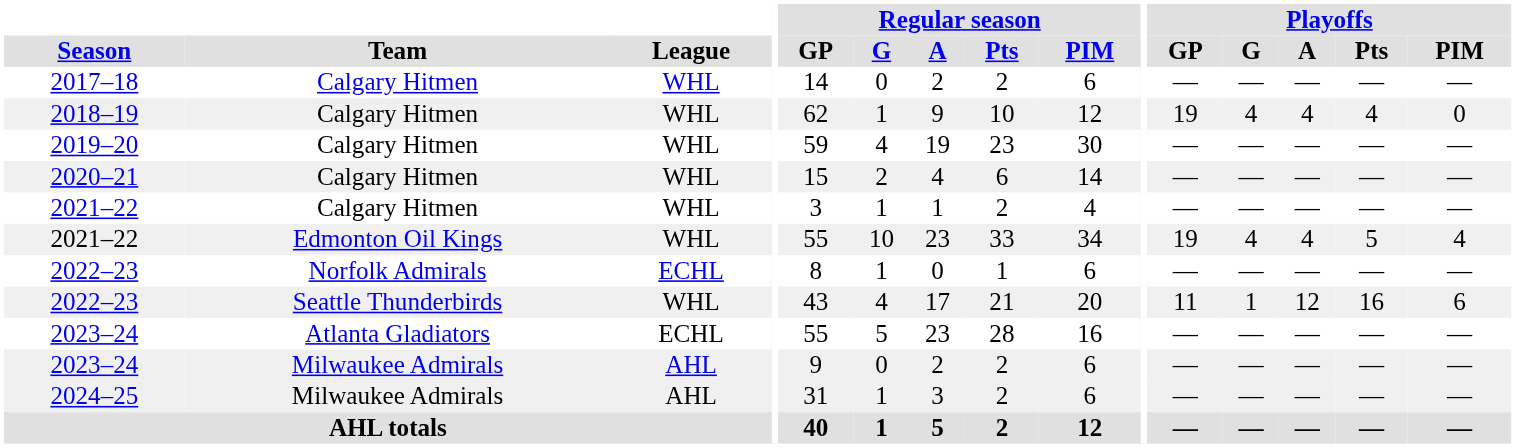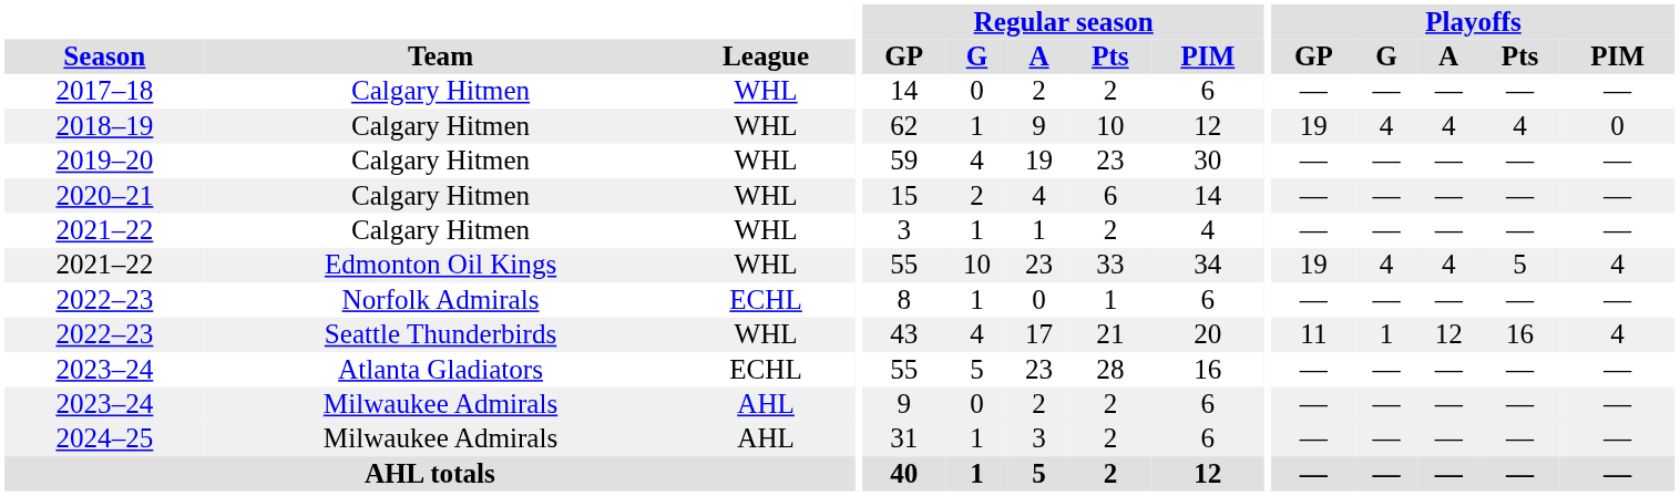 <table border="0" cellpadding="1" cellspacing="0" style="text-align:center; width:60em">
 <tr style="background:#e0e0e0;">
 <th colspan="3" style="background:#fff;"></th>
 <th rowspan="99" style="background:#fff;"></th>
 <th colspan="5"><a href='#'>Regular season</a></th>
 <th rowspan="99" style="background:#fff;"></th>
 <th colspan="5"><a href='#'>Playoffs</a></th>
 </tr>
 <tr style="background:#e0e0e0;">
 <th><a href='#'>Season</a></th>
 <th>Team</th>
 <th>League</th>
 <th>GP</th>
 <th><a href='#'>G</a></th>
 <th><a href='#'>A</a></th>
 <th><a href='#'>Pts</a></th>
 <th><a href='#'>PIM</a></th>
 <th>GP</th>
 <th>G</th>
 <th>A</th>
 <th>Pts</th>
 <th>PIM</th>
 </tr>
 <tr style="text-align:center;">
 <td><a href='#'>2017–18</a></td>
 <td><a href='#'>Calgary Hitmen</a></td>
 <td><a href='#'>WHL</a></td>
 <td>14</td>
 <td>0</td>
 <td>2</td>
 <td>2</td>
 <td>6</td>
 <td>—</td>
 <td>—</td>
 <td>—</td>
 <td>—</td>
 <td>—</td>
 </tr>
 <tr style="text-align:center; background:#f0f0f0;">
 <td><a href='#'>2018–19</a></td>
 <td>Calgary Hitmen</td>
 <td>WHL</td>
 <td>62</td>
 <td>1</td>
 <td>9</td>
 <td>10</td>
 <td>12</td>
 <td>19</td>
 <td>4</td>
 <td>4</td>
 <td>4</td>
 <td>0</td>
 </tr>
 <tr style="text-align:center;">
 <td><a href='#'>2019–20</a></td>
 <td>Calgary Hitmen</td>
 <td>WHL</td>
 <td>59</td>
 <td>4</td>
 <td>19</td>
 <td>23</td>
 <td>30</td>
 <td>—</td>
 <td>—</td>
 <td>—</td>
 <td>—</td>
 <td>—</td>
 </tr>
 <tr style="text-align:center; background:#f0f0f0;">
 <td><a href='#'>2020–21</a></td>
 <td>Calgary Hitmen</td>
 <td>WHL</td>
 <td>15</td>
 <td>2</td>
 <td>4</td>
 <td>6</td>
 <td>14</td>
 <td>—</td>
 <td>—</td>
 <td>—</td>
 <td>—</td>
 <td>—</td>
 </tr>
 <tr style="text-align:center;">
 <td><a href='#'>2021–22</a></td>
 <td>Calgary Hitmen</td>
 <td>WHL</td>
 <td>3</td>
 <td>1</td>
 <td>1</td>
 <td>2</td>
 <td>4</td>
 <td>—</td>
 <td>—</td>
 <td>—</td>
 <td>—</td>
 <td>—</td>
 </tr>
 <tr style="text-align:center; background:#f0f0f0;">
 <td>2021–22</td>
 <td><a href='#'>Edmonton Oil Kings</a></td>
 <td>WHL</td>
 <td>55</td>
 <td>10</td>
 <td>23</td>
 <td>33</td>
 <td>34</td>
 <td>19</td>
 <td>4</td>
 <td>4</td>
 <td>5</td>
 <td>4</td>
 </tr>
 <tr style="text-align:center;">
 <td><a href='#'>2022–23</a></td>
 <td><a href='#'>Norfolk Admirals</a></td>
 <td><a href='#'>ECHL</a></td>
 <td>8</td>
 <td>1</td>
 <td>0</td>
 <td>1</td>
 <td>6</td>
 <td>—</td>
 <td>—</td>
 <td>—</td>
 <td>—</td>
 <td>—</td>
 </tr>
 <tr style="text-align:center; background:#f0f0f0;">
 <td><a href='#'>2022–23</a></td>
 <td><a href='#'>Seattle Thunderbirds</a></td>
 <td>WHL</td>
 <td>43</td>
 <td>4</td>
 <td>17</td>
 <td>21</td>
 <td>20</td>
 <td>11</td>
 <td>1</td>
 <td>12</td>
 <td>16</td>
-<td>6</td>
+<td>4</td>
 </tr>
 <tr style="text-align:center;">
 <td><a href='#'>2023–24</a></td>
 <td><a href='#'>Atlanta Gladiators</a></td>
 <td>ECHL</td>
 <td>55</td>
 <td>5</td>
 <td>23</td>
 <td>28</td>
 <td>16</td>
 <td>—</td>
 <td>—</td>
 <td>—</td>
 <td>—</td>
 <td>—</td>
 </tr>
 <tr style="text-align:center; background:#f0f0f0;">
 <td><a href='#'>2023–24</a></td>
 <td><a href='#'>Milwaukee Admirals</a></td>
 <td><a href='#'>AHL</a></td>
 <td>9</td>
 <td>0</td>
 <td>2</td>
 <td>2</td>
 <td>6</td>
 <td>—</td>
 <td>—</td>
 <td>—</td>
 <td>—</td>
 <td>—</td>
 </tr>
 <tr style="text-align:center; background:#f0f0f0;">
 <td><a href='#'>2024–25</a></td>
 <td>Milwaukee Admirals</td>
 <td>AHL</td>
 <td>31</td>
 <td>1</td>
 <td>3</td>
 <td>2</td>
 <td>6</td>
 <td>—</td>
 <td>—</td>
 <td>—</td>
 <td>—</td>
 <td>—</td>
 </tr>
 <tr style="background:#e0e0e0;">
 <th colspan="3">AHL totals</th>
 <th>40</th>
 <th>1</th>
 <th>5</th>
 <th>2</th>
 <th>12</th>
 <th>—</th>
 <th>—</th>
 <th>—</th>
 <th>—</th>
 <th>—</th>
 </tr>
 </table>
